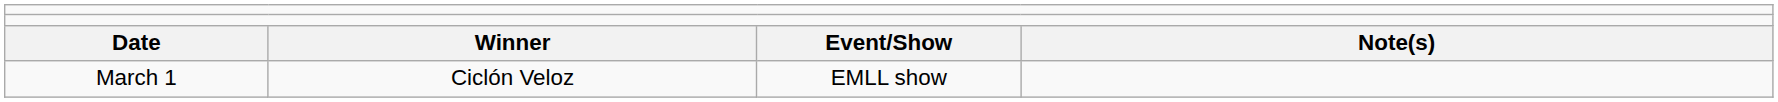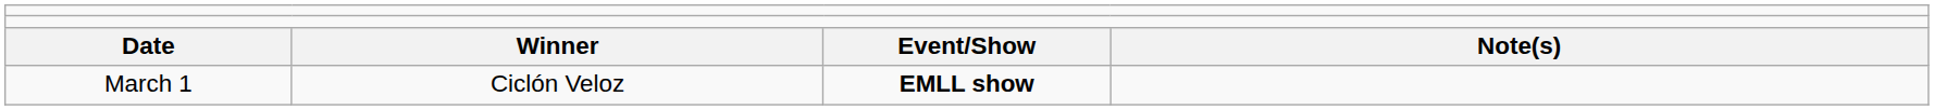 <table class="wikitable" style="text-align:center; width:100%;">
 <tr>
 <td colspan=5></td>
 </tr>
 <tr>
 <td colspan=5><strong></strong></td>
 </tr>
 <tr>
 <th width=14%>Date</th>
 <th width=26%>Winner</th>
 <th width=14%>Event/Show</th>
 <th width=40%>Note(s)</th>
 </tr>
 <tr>
 <td>March 1</td>
 <td>Ciclón Veloz</td>
-<td>EMLL show</td>
+<td><strong>EMLL show</strong></td>
 <td align=left></td>
 </tr>
 </table>
